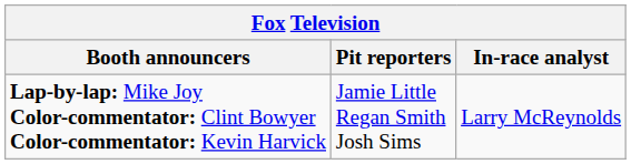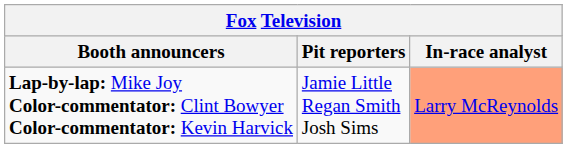 <table class="wikitable" style="font-size: 95%">
 <tr>
 <th colspan="3"><a href='#'>Fox</a> <a href='#'>Television</a></th>
 </tr>
 <tr>
 <th>Booth announcers</th>
 <th>Pit reporters</th>
 <th>In-race analyst</th>
 </tr>
 <tr>
 <td><strong>Lap-by-lap:</strong> <a href='#'>Mike Joy</a><br><strong>Color-commentator:</strong> <a href='#'>Clint Bowyer</a><br><strong>Color-commentator:</strong> <a href='#'>Kevin Harvick</a></td>
 <td><a href='#'>Jamie Little</a><br><a href='#'>Regan Smith</a><br>Josh Sims</td>
-<td><a href='#'>Larry McReynolds</a></td>
+<td style="background: lightsalmon;"><a href='#'>Larry McReynolds</a></td>
 </tr>
 </table>
